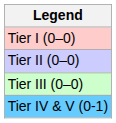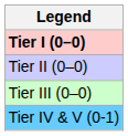 <table class=wikitable style=font-size:97%>
 <tr>
 <th>Legend</th>
 </tr>
 <tr>
-<td bgcolor=#ffcccc>Tier I (0–0)</td>
+<td bgcolor=#ffcccc><strong>Tier I (0–0)</strong></td>
 </tr>
 <tr>
 <td bgcolor=#ccccff>Tier II (0–0)</td>
 </tr>
 <tr>
 <td bgcolor=#CCFFCC>Tier III (0–0)</td>
 </tr>
 <tr>
 <td bgcolor=#66CCFF>Tier IV & V (0-1)</td>
 </tr>
 </table>
